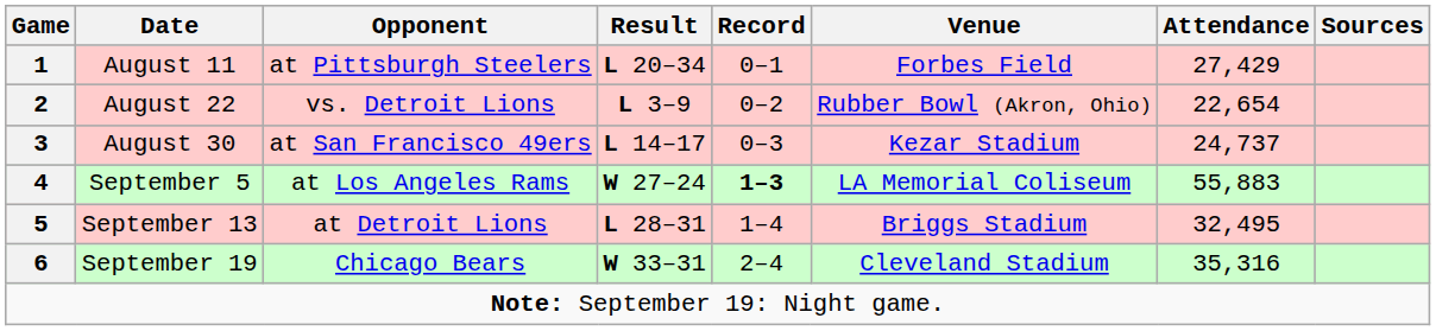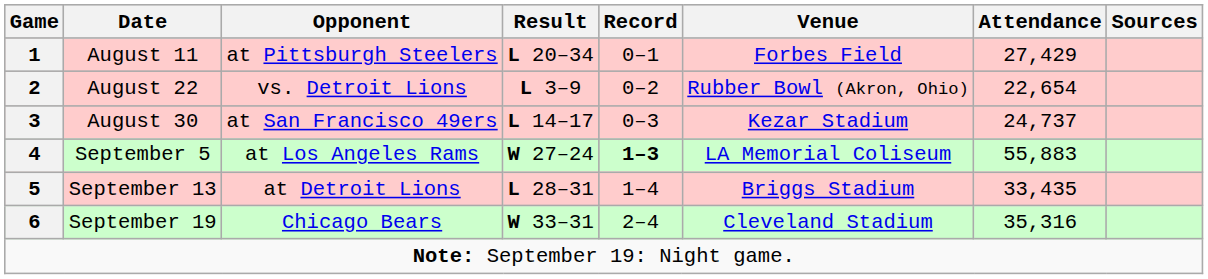 <table class="wikitable" style="text-align:center">
 <tr>
 <th>Game</th>
 <th>Date</th>
 <th>Opponent</th>
 <th>Result</th>
 <th>Record</th>
 <th>Venue</th>
 <th>Attendance</th>
 <th>Sources</th>
 </tr>
 <tr style="background:#fcc">
 <th>1</th>
 <td>August 11</td>
 <td>at <a href='#'>Pittsburgh Steelers</a></td>
 <td><strong>L</strong> 20–34</td>
 <td>0–1</td>
 <td><a href='#'>Forbes Field</a></td>
 <td>27,429</td>
 <td></td>
 </tr>
 <tr style="background:#fcc">
 <th>2</th>
 <td>August 22</td>
 <td>vs. <a href='#'>Detroit Lions</a></td>
 <td><strong>L</strong> 3–9</td>
 <td>0–2</td>
 <td><a href='#'>Rubber Bowl</a> <small>(Akron, Ohio)</small></td>
 <td>22,654</td>
 <td></td>
 </tr>
 <tr style="background:#fcc">
 <th>3</th>
 <td>August 30</td>
 <td>at <a href='#'>San Francisco 49ers</a></td>
 <td><strong>L</strong> 14–17</td>
 <td>0–3</td>
 <td><a href='#'>Kezar Stadium</a></td>
 <td>24,737</td>
 <td></td>
 </tr>
 <tr style="background:#cfc">
 <th>4</th>
 <td>September 5</td>
 <td>at <a href='#'>Los Angeles Rams</a></td>
 <td><strong>W</strong> 27–24</td>
 <td><strong>1–3</strong></td>
 <td><a href='#'>LA Memorial Coliseum</a></td>
 <td>55,883</td>
 <td></td>
 </tr>
 <tr style="background:#fcc">
 <th>5</th>
 <td>September 13</td>
 <td>at <a href='#'>Detroit Lions</a></td>
 <td><strong>L</strong> 28–31</td>
 <td>1–4</td>
 <td><a href='#'>Briggs Stadium</a></td>
-<td>32,495</td>
+<td>33,435</td>
 <td></td>
 </tr>
 <tr style="background:#cfc">
 <th>6</th>
 <td>September 19</td>
 <td><a href='#'>Chicago Bears</a></td>
 <td><strong>W</strong> 33–31</td>
 <td>2–4</td>
 <td><a href='#'>Cleveland Stadium</a></td>
 <td>35,316</td>
 <td></td>
 </tr>
 <tr>
 <td colspan="9"><strong>Note:</strong> September 19: Night game.</td>
 </tr>
 </table>
